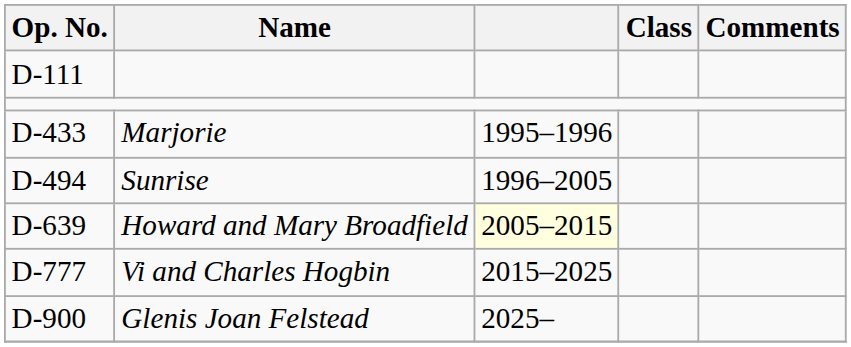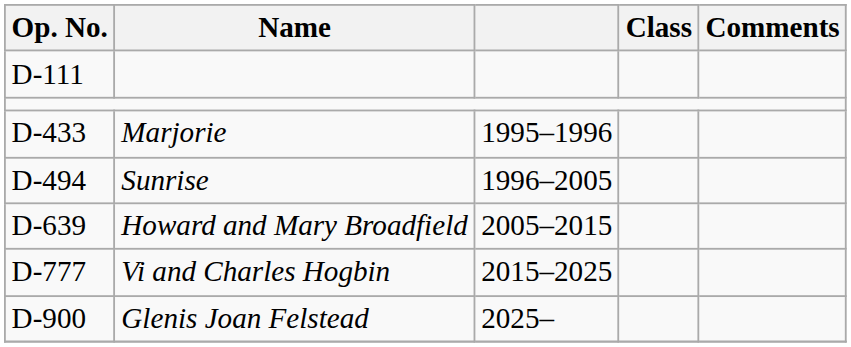 <table class="wikitable">
 <tr>
 <th>Op. No.</th>
 <th>Name</th>
 <th></th>
 <th>Class</th>
 <th>Comments</th>
 </tr>
 <tr>
 <td>D-111</td>
 <td></td>
 <td></td>
 <td></td>
 <td></td>
 </tr>
 <tr>
 <td colspan=6 style=" text-align: center;"></td>
 </tr>
 <tr>
 <td>D-433</td>
 <td><em>Marjorie</em></td>
 <td>1995–1996</td>
 <td></td>
 <td></td>
 </tr>
 <tr>
 <td>D-494</td>
 <td><em>Sunrise</em></td>
 <td>1996–2005</td>
 <td></td>
 <td></td>
 </tr>
 <tr>
 <td>D-639</td>
 <td><em>Howard and Mary Broadfield</em></td>
-<td style="background: lightyellow;">2005–2015</td>
+<td>2005–2015</td>
 <td></td>
 <td></td>
 </tr>
 <tr>
 <td>D-777</td>
 <td><em>Vi and Charles Hogbin</em></td>
 <td>2015–2025</td>
 <td></td>
 <td></td>
 </tr>
 <tr>
 <td>D-900</td>
 <td><em>Glenis Joan Felstead</em></td>
 <td>2025–</td>
 <td></td>
 <td></td>
 </tr>
 <tr>
 </tr>
 </table>
